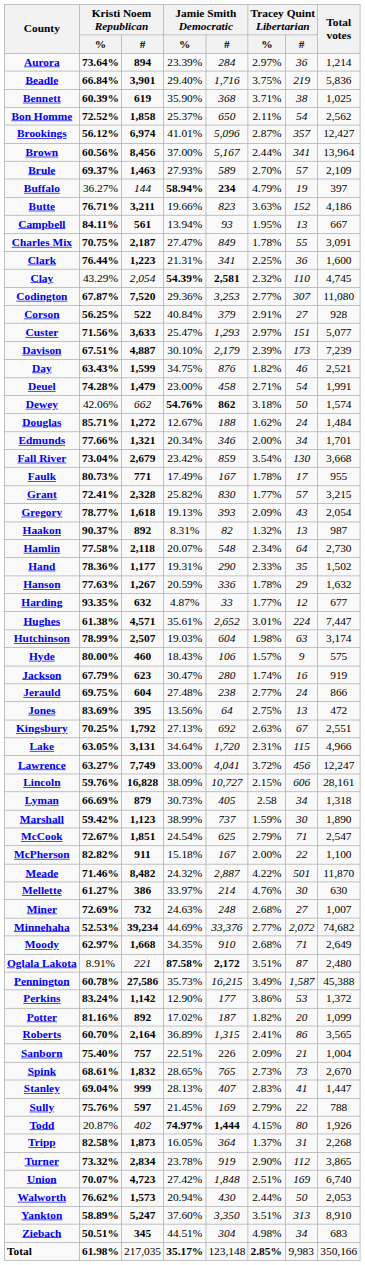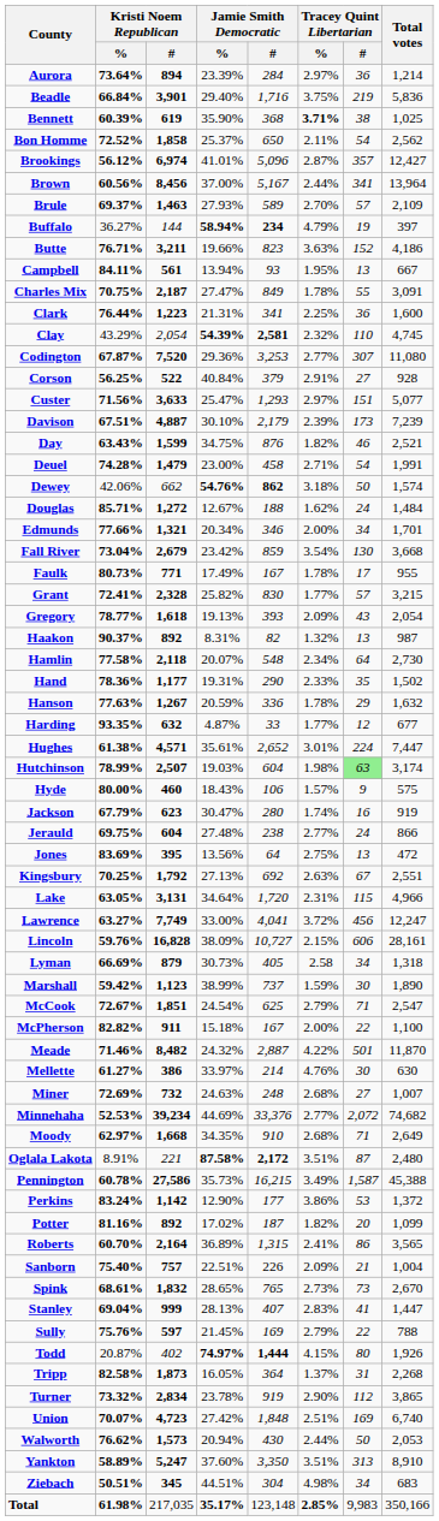 <table class="wikitable sortable">
 <tr>
 <th colspan="1" rowspan="2">County</th>
 <th colspan="2">Kristi Noem<br><em>Republican</em></th>
 <th colspan="2">Jamie Smith<br><em>Democratic</em></th>
 <th colspan="2">Tracey Quint<br><em>Libertarian</em></th>
 <th colspan="1" rowspan="2">Total<br>votes</th>
 </tr>
 <tr>
 <th colspan="1">%</th>
 <th colspan="1">#</th>
 <th colspan="1">%</th>
 <th colspan="1">#</th>
 <th colspan="1">%</th>
 <th colspan="1">#</th>
 </tr>
 <tr>
 <td align="center" ><strong><a href='#'>Aurora</a></strong></td>
 <td align="center"><strong>73.64%</strong></td>
 <td align="center"><strong>894</strong></td>
 <td align="center">23.39%</td>
 <td align="center"><em>284</em></td>
 <td align="center">2.97%</td>
 <td align="center"><em>36</em></td>
 <td align="center">1,214</td>
 </tr>
 <tr>
 <td align="center" ><strong><a href='#'>Beadle</a></strong></td>
 <td align="center"><strong>66.84%</strong></td>
 <td align="center"><strong>3,901</strong></td>
 <td align="center">29.40%</td>
 <td align="center"><em>1,716</em></td>
 <td align="center">3.75%</td>
 <td align="center"><em>219</em></td>
 <td align="center">5,836</td>
 </tr>
 <tr>
 <td align="center" ><strong><a href='#'>Bennett</a></strong></td>
 <td align="center"><strong>60.39%</strong></td>
 <td align="center"><strong>619</strong></td>
 <td align="center">35.90%</td>
 <td align="center"><em>368</em></td>
-<td align="center">3.71%</td>
+<td align="center"><strong>3.71%</strong></td>
 <td align="center"><em>38</em></td>
 <td align="center">1,025</td>
 </tr>
 <tr>
 <td align="center" ><strong><a href='#'>Bon Homme</a></strong></td>
 <td align="center"><strong>72.52%</strong></td>
 <td align="center"><strong>1,858</strong></td>
 <td align="center">25.37%</td>
 <td align="center"><em>650</em></td>
 <td align="center">2.11%</td>
 <td align="center"><em>54</em></td>
 <td align="center">2,562</td>
 </tr>
 <tr>
 <td align="center" ><strong><a href='#'>Brookings</a></strong></td>
 <td align="center"><strong>56.12%</strong></td>
 <td align="center"><strong>6,974</strong></td>
 <td align="center">41.01%</td>
 <td align="center"><em>5,096</em></td>
 <td align="center">2.87%</td>
 <td align="center"><em>357</em></td>
 <td align="center">12,427</td>
 </tr>
 <tr>
 <td align="center" ><strong><a href='#'>Brown</a></strong></td>
 <td align="center"><strong>60.56%</strong></td>
 <td align="center"><strong>8,456</strong></td>
 <td align="center">37.00%</td>
 <td align="center"><em>5,167</em></td>
 <td align="center">2.44%</td>
 <td align="center"><em>341</em></td>
 <td align="center">13,964</td>
 </tr>
 <tr>
 <td align="center" ><strong><a href='#'>Brule</a></strong></td>
 <td align="center"><strong>69.37%</strong></td>
 <td align="center"><strong>1,463</strong></td>
 <td align="center">27.93%</td>
 <td align="center"><em>589</em></td>
 <td align="center">2.70%</td>
 <td align="center"><em>57</em></td>
 <td align="center">2,109</td>
 </tr>
 <tr>
 <td align="center" ><strong><a href='#'>Buffalo</a></strong></td>
 <td align="center">36.27%</td>
 <td align="center"><em>144</em></td>
 <td align="center"><strong>58.94%</strong></td>
 <td align="center"><strong>234</strong></td>
 <td align="center">4.79%</td>
 <td align="center"><em>19</em></td>
 <td align="center">397</td>
 </tr>
 <tr>
 <td align="center" ><strong><a href='#'>Butte</a></strong></td>
 <td align="center"><strong>76.71%</strong></td>
 <td align="center"><strong>3,211</strong></td>
 <td align="center">19.66%</td>
 <td align="center"><em>823</em></td>
 <td align="center">3.63%</td>
 <td align="center"><em>152</em></td>
 <td align="center">4,186</td>
 </tr>
 <tr>
 <td align="center" ><strong><a href='#'>Campbell</a></strong></td>
 <td align="center"><strong>84.11%</strong></td>
 <td align="center"><strong>561</strong></td>
 <td align="center">13.94%</td>
 <td align="center"><em>93</em></td>
 <td align="center">1.95%</td>
 <td align="center"><em>13</em></td>
 <td align="center">667</td>
 </tr>
 <tr>
 <td align="center" ><strong><a href='#'>Charles Mix</a></strong></td>
 <td align="center"><strong>70.75%</strong></td>
 <td align="center"><strong>2,187</strong></td>
 <td align="center">27.47%</td>
 <td align="center"><em>849</em></td>
 <td align="center">1.78%</td>
 <td align="center"><em>55</em></td>
 <td align="center">3,091</td>
 </tr>
 <tr>
 <td align="center" ><strong><a href='#'>Clark</a></strong></td>
 <td align="center"><strong>76.44%</strong></td>
 <td align="center"><strong>1,223</strong></td>
 <td align="center">21.31%</td>
 <td align="center"><em>341</em></td>
 <td align="center">2.25%</td>
 <td align="center"><em>36</em></td>
 <td align="center">1,600</td>
 </tr>
 <tr>
 <td align="center" ><strong><a href='#'>Clay</a></strong></td>
 <td align="center">43.29%</td>
 <td align="center"><em>2,054</em></td>
 <td align="center"><strong>54.39%</strong></td>
 <td align="center"><strong>2,581</strong></td>
 <td align="center">2.32%</td>
 <td align="center"><em>110</em></td>
 <td align="center">4,745</td>
 </tr>
 <tr>
 <td align="center" ><strong><a href='#'>Codington</a></strong></td>
 <td align="center"><strong>67.87%</strong></td>
 <td align="center"><strong>7,520</strong></td>
 <td align="center">29.36%</td>
 <td align="center"><em>3,253</em></td>
 <td align="center">2.77%</td>
 <td align="center"><em>307</em></td>
 <td align="center">11,080</td>
 </tr>
 <tr>
 <td align="center" ><strong><a href='#'>Corson</a></strong></td>
 <td align="center"><strong>56.25%</strong></td>
 <td align="center"><strong>522</strong></td>
 <td align="center">40.84%</td>
 <td align="center"><em>379</em></td>
 <td align="center">2.91%</td>
 <td align="center"><em>27</em></td>
 <td align="center">928</td>
 </tr>
 <tr>
 <td align="center" ><strong><a href='#'>Custer</a></strong></td>
 <td align="center"><strong>71.56%</strong></td>
 <td align="center"><strong>3,633</strong></td>
 <td align="center">25.47%</td>
 <td align="center"><em>1,293</em></td>
 <td align="center">2.97%</td>
 <td align="center"><em>151</em></td>
 <td align="center">5,077</td>
 </tr>
 <tr>
 <td align="center" ><strong><a href='#'>Davison</a></strong></td>
 <td align="center"><strong>67.51%</strong></td>
 <td align="center"><strong>4,887</strong></td>
 <td align="center">30.10%</td>
 <td align="center"><em>2,179</em></td>
 <td align="center">2.39%</td>
 <td align="center"><em>173</em></td>
 <td align="center">7,239</td>
 </tr>
 <tr>
 <td align="center" ><strong><a href='#'>Day</a></strong></td>
 <td align="center"><strong>63.43%</strong></td>
 <td align="center"><strong>1,599</strong></td>
 <td align="center">34.75%</td>
 <td align="center"><em>876</em></td>
 <td align="center">1.82%</td>
 <td align="center"><em>46</em></td>
 <td align="center">2,521</td>
 </tr>
 <tr>
 <td align="center" ><strong><a href='#'>Deuel</a></strong></td>
 <td align="center"><strong>74.28%</strong></td>
 <td align="center"><strong>1,479</strong></td>
 <td align="center">23.00%</td>
 <td align="center"><em>458</em></td>
 <td align="center">2.71%</td>
 <td align="center"><em>54</em></td>
 <td align="center">1,991</td>
 </tr>
 <tr>
 <td align="center" ><strong><a href='#'>Dewey</a></strong></td>
 <td align="center">42.06%</td>
 <td align="center"><em>662</em></td>
 <td align="center"><strong>54.76%</strong></td>
 <td align="center"><strong>862</strong></td>
 <td align="center">3.18%</td>
 <td align="center"><em>50</em></td>
 <td align="center">1,574</td>
 </tr>
 <tr>
 <td align="center" ><strong><a href='#'>Douglas</a></strong></td>
 <td align="center"><strong>85.71%</strong></td>
 <td align="center"><strong>1,272</strong></td>
 <td align="center">12.67%</td>
 <td align="center"><em>188</em></td>
 <td align="center">1.62%</td>
 <td align="center"><em>24</em></td>
 <td align="center">1,484</td>
 </tr>
 <tr>
 <td align="center" ><strong><a href='#'>Edmunds</a></strong></td>
 <td align="center"><strong>77.66%</strong></td>
 <td align="center"><strong>1,321</strong></td>
 <td align="center">20.34%</td>
 <td align="center"><em>346</em></td>
 <td align="center">2.00%</td>
 <td align="center"><em>34</em></td>
 <td align="center">1,701</td>
 </tr>
 <tr>
 <td align="center" ><strong><a href='#'>Fall River</a></strong></td>
 <td align="center"><strong>73.04%</strong></td>
 <td align="center"><strong>2,679</strong></td>
 <td align="center">23.42%</td>
 <td align="center"><em>859</em></td>
 <td align="center">3.54%</td>
 <td align="center"><em>130</em></td>
 <td align="center">3,668</td>
 </tr>
 <tr>
 <td align="center" ><strong><a href='#'>Faulk</a></strong></td>
 <td align="center"><strong>80.73%</strong></td>
 <td align="center"><strong>771</strong></td>
 <td align="center">17.49%</td>
 <td align="center"><em>167</em></td>
 <td align="center">1.78%</td>
 <td align="center"><em>17</em></td>
 <td align="center">955</td>
 </tr>
 <tr>
 <td align="center" ><strong><a href='#'>Grant</a></strong></td>
 <td align="center"><strong>72.41%</strong></td>
 <td align="center"><strong>2,328</strong></td>
 <td align="center">25.82%</td>
 <td align="center"><em>830</em></td>
 <td align="center">1.77%</td>
 <td align="center"><em>57</em></td>
 <td align="center">3,215</td>
 </tr>
 <tr>
 <td align="center" ><strong><a href='#'>Gregory</a></strong></td>
 <td align="center"><strong>78.77%</strong></td>
 <td align="center"><strong>1,618</strong></td>
 <td align="center">19.13%</td>
 <td align="center"><em>393</em></td>
 <td align="center">2.09%</td>
 <td align="center"><em>43</em></td>
 <td align="center">2,054</td>
 </tr>
 <tr>
 <td align="center" ><strong><a href='#'>Haakon</a></strong></td>
 <td align="center"><strong>90.37%</strong></td>
 <td align="center"><strong>892</strong></td>
 <td align="center">8.31%</td>
 <td align="center"><em>82</em></td>
 <td align="center">1.32%</td>
 <td align="center"><em>13</em></td>
 <td align="center">987</td>
 </tr>
 <tr>
 <td align="center" ><strong><a href='#'>Hamlin</a></strong></td>
 <td align="center"><strong>77.58%</strong></td>
 <td align="center"><strong>2,118</strong></td>
 <td align="center">20.07%</td>
 <td align="center"><em>548</em></td>
 <td align="center">2.34%</td>
 <td align="center"><em>64</em></td>
 <td align="center">2,730</td>
 </tr>
 <tr>
 <td align="center" ><strong><a href='#'>Hand</a></strong></td>
 <td align="center"><strong>78.36%</strong></td>
 <td align="center"><strong>1,177</strong></td>
 <td align="center">19.31%</td>
 <td align="center"><em>290</em></td>
 <td align="center">2.33%</td>
 <td align="center"><em>35</em></td>
 <td align="center">1,502</td>
 </tr>
 <tr>
 <td align="center" ><strong><a href='#'>Hanson</a></strong></td>
 <td align="center"><strong>77.63%</strong></td>
 <td align="center"><strong>1,267</strong></td>
 <td align="center">20.59%</td>
 <td align="center"><em>336</em></td>
 <td align="center">1.78%</td>
 <td align="center"><em>29</em></td>
 <td align="center">1,632</td>
 </tr>
 <tr>
 <td align="center" ><strong><a href='#'>Harding</a></strong></td>
 <td align="center"><strong>93.35%</strong></td>
 <td align="center"><strong>632</strong></td>
 <td align="center">4.87%</td>
 <td align="center"><em>33</em></td>
 <td align="center">1.77%</td>
 <td align="center"><em>12</em></td>
 <td align="center">677</td>
 </tr>
 <tr>
 <td align="center" ><strong><a href='#'>Hughes</a></strong></td>
 <td align="center"><strong>61.38%</strong></td>
 <td align="center"><strong>4,571</strong></td>
 <td align="center">35.61%</td>
 <td align="center"><em>2,652</em></td>
 <td align="center">3.01%</td>
 <td align="center"><em>224</em></td>
 <td align="center">7,447</td>
 </tr>
 <tr>
 <td align="center" ><strong><a href='#'>Hutchinson</a></strong></td>
 <td align="center"><strong>78.99%</strong></td>
 <td align="center"><strong>2,507</strong></td>
 <td align="center">19.03%</td>
 <td align="center"><em>604</em></td>
 <td align="center">1.98%</td>
-<td align="center"><em>63</em></td>
+<td align="center" style="background: lightgreen;"><em>63</em></td>
 <td align="center">3,174</td>
 </tr>
 <tr>
 <td align="center" ><strong><a href='#'>Hyde</a></strong></td>
 <td align="center"><strong>80.00%</strong></td>
 <td align="center"><strong>460</strong></td>
 <td align="center">18.43%</td>
 <td align="center"><em>106</em></td>
 <td align="center">1.57%</td>
 <td align="center"><em>9</em></td>
 <td align="center">575</td>
 </tr>
 <tr>
 <td align="center" ><strong><a href='#'>Jackson</a></strong></td>
 <td align="center"><strong>67.79%</strong></td>
 <td align="center"><strong>623</strong></td>
 <td align="center">30.47%</td>
 <td align="center"><em>280</em></td>
 <td align="center">1.74%</td>
 <td align="center"><em>16</em></td>
 <td align="center">919</td>
 </tr>
 <tr>
 <td align="center" ><strong><a href='#'>Jerauld</a></strong></td>
 <td align="center"><strong>69.75%</strong></td>
 <td align="center"><strong>604</strong></td>
 <td align="center">27.48%</td>
 <td align="center"><em>238</em></td>
 <td align="center">2.77%</td>
 <td align="center"><em>24</em></td>
 <td align="center">866</td>
 </tr>
 <tr>
 <td align="center" ><strong><a href='#'>Jones</a></strong></td>
 <td align="center"><strong>83.69%</strong></td>
 <td align="center"><strong>395</strong></td>
 <td align="center">13.56%</td>
 <td align="center"><em>64</em></td>
 <td align="center">2.75%</td>
 <td align="center"><em>13</em></td>
 <td align="center">472</td>
 </tr>
 <tr>
 <td align="center" ><strong><a href='#'>Kingsbury</a></strong></td>
 <td align="center"><strong>70.25%</strong></td>
 <td align="center"><strong>1,792</strong></td>
 <td align="center">27.13%</td>
 <td align="center"><em>692</em></td>
 <td align="center">2.63%</td>
 <td align="center"><em>67</em></td>
 <td align="center">2,551</td>
 </tr>
 <tr>
 <td align="center" ><strong><a href='#'>Lake</a></strong></td>
 <td align="center"><strong>63.05%</strong></td>
 <td align="center"><strong>3,131</strong></td>
 <td align="center">34.64%</td>
 <td align="center"><em>1,720</em></td>
 <td align="center">2.31%</td>
 <td align="center"><em>115</em></td>
 <td align="center">4,966</td>
 </tr>
 <tr>
 <td align="center" ><strong><a href='#'>Lawrence</a></strong></td>
 <td align="center"><strong>63.27%</strong></td>
 <td align="center"><strong>7,749</strong></td>
 <td align="center">33.00%</td>
 <td align="center"><em>4,041</em></td>
 <td align="center">3.72%</td>
 <td align="center"><em>456</em></td>
 <td align="center">12,247</td>
 </tr>
 <tr>
 <td align="center" ><strong><a href='#'>Lincoln</a></strong></td>
 <td align="center"><strong>59.76%</strong></td>
 <td align="center"><strong>16,828</strong></td>
 <td align="center">38.09%</td>
 <td align="center"><em>10,727</em></td>
 <td align="center">2.15%</td>
 <td align="center"><em>606</em></td>
 <td align="center">28,161</td>
 </tr>
 <tr>
 <td align="center" ><strong><a href='#'>Lyman</a></strong></td>
 <td align="center"><strong>66.69%</strong></td>
 <td align="center"><strong>879</strong></td>
 <td align="center">30.73%</td>
 <td align="center"><em>405</em></td>
 <td align="center">2.58</td>
 <td align="center"><em>34</em></td>
 <td align="center">1,318</td>
 </tr>
 <tr>
 <td align="center" ><strong><a href='#'>Marshall</a></strong></td>
 <td align="center"><strong>59.42%</strong></td>
 <td align="center"><strong>1,123</strong></td>
 <td align="center">38.99%</td>
 <td align="center"><em>737</em></td>
 <td align="center">1.59%</td>
 <td align="center"><em>30</em></td>
 <td align="center">1,890</td>
 </tr>
 <tr>
 <td align="center" ><strong><a href='#'>McCook</a></strong></td>
 <td align="center"><strong>72.67%</strong></td>
 <td align="center"><strong>1,851</strong></td>
 <td align="center">24.54%</td>
 <td align="center"><em>625</em></td>
 <td align="center">2.79%</td>
 <td align="center"><em>71</em></td>
 <td align="center">2,547</td>
 </tr>
 <tr>
 <td align="center" ><strong><a href='#'>McPherson</a></strong></td>
 <td align="center"><strong>82.82%</strong></td>
 <td align="center"><strong>911</strong></td>
 <td align="center">15.18%</td>
 <td align="center"><em>167</em></td>
 <td align="center">2.00%</td>
 <td align="center"><em>22</em></td>
 <td align="center">1,100</td>
 </tr>
 <tr>
 <td align="center" ><strong><a href='#'>Meade</a></strong></td>
 <td align="center"><strong>71.46%</strong></td>
 <td align="center"><strong>8,482</strong></td>
 <td align="center">24.32%</td>
 <td align="center"><em>2,887</em></td>
 <td align="center">4.22%</td>
 <td align="center"><em>501</em></td>
 <td align="center">11,870</td>
 </tr>
 <tr>
 <td align="center" ><strong><a href='#'>Mellette</a></strong></td>
 <td align="center"><strong>61.27%</strong></td>
 <td align="center"><strong>386</strong></td>
 <td align="center">33.97%</td>
 <td align="center"><em>214</em></td>
 <td align="center">4.76%</td>
 <td align="center"><em>30</em></td>
 <td align="center">630</td>
 </tr>
 <tr>
 <td align="center" ><strong><a href='#'>Miner</a></strong></td>
 <td align="center"><strong>72.69%</strong></td>
 <td align="center"><strong>732</strong></td>
 <td align="center">24.63%</td>
 <td align="center"><em>248</em></td>
 <td align="center">2.68%</td>
 <td align="center"><em>27</em></td>
 <td align="center">1,007</td>
 </tr>
 <tr>
 <td align="center" ><strong><a href='#'>Minnehaha</a></strong></td>
 <td align="center"><strong>52.53%</strong></td>
 <td align="center"><strong>39,234</strong></td>
 <td align="center">44.69%</td>
 <td align="center"><em>33,376</em></td>
 <td align="center">2.77%</td>
 <td align="center"><em>2,072</em></td>
 <td align="center">74,682</td>
 </tr>
 <tr>
 <td align="center" ><strong><a href='#'>Moody</a></strong></td>
 <td align="center"><strong>62.97%</strong></td>
 <td align="center"><strong>1,668</strong></td>
 <td align="center">34.35%</td>
 <td align="center"><em>910</em></td>
 <td align="center">2.68%</td>
 <td align="center"><em>71</em></td>
 <td align="center">2,649</td>
 </tr>
 <tr>
 <td align="center" ><strong><a href='#'>Oglala Lakota</a></strong></td>
 <td align="center">8.91%</td>
 <td align="center"><em>221</em></td>
 <td align="center"><strong>87.58%</strong></td>
 <td align="center"><strong>2,172</strong></td>
 <td align="center">3.51%</td>
 <td align="center"><em>87</em></td>
 <td align="center">2,480</td>
 </tr>
 <tr>
 <td align="center" ><strong><a href='#'>Pennington</a></strong></td>
 <td align="center"><strong>60.78%</strong></td>
 <td align="center"><strong>27,586</strong></td>
 <td align="center">35.73%</td>
 <td align="center"><em>16,215</em></td>
 <td align="center">3.49%</td>
 <td align="center"><em>1,587</em></td>
 <td align="center">45,388</td>
 </tr>
 <tr>
 <td align="center" ><strong><a href='#'>Perkins</a></strong></td>
 <td align="center"><strong>83.24%</strong></td>
 <td align="center"><strong>1,142</strong></td>
 <td align="center">12.90%</td>
 <td align="center"><em>177</em></td>
 <td align="center">3.86%</td>
 <td align="center"><em>53</em></td>
 <td align="center">1,372</td>
 </tr>
 <tr>
 <td align="center" ><strong><a href='#'>Potter</a></strong></td>
 <td align="center"><strong>81.16%</strong></td>
 <td align="center"><strong>892</strong></td>
 <td align="center">17.02%</td>
 <td align="center"><em>187</em></td>
 <td align="center">1.82%</td>
 <td align="center"><em>20</em></td>
 <td align="center">1,099</td>
 </tr>
 <tr>
 <td align="center" ><strong><a href='#'>Roberts</a></strong></td>
 <td align="center"><strong>60.70%</strong></td>
 <td align="center"><strong>2,164</strong></td>
 <td align="center">36.89%</td>
 <td align="center"><em>1,315</em></td>
 <td align="center">2.41%</td>
 <td align="center"><em>86</em></td>
 <td align="center">3,565</td>
 </tr>
 <tr>
 <td align="center" ><strong><a href='#'>Sanborn</a></strong></td>
 <td align="center"><strong>75.40%</strong></td>
 <td align="center"><strong>757</strong></td>
 <td align="center">22.51%</td>
 <td align="center">226</td>
 <td align="center">2.09%</td>
 <td align="center"><em>21</em></td>
 <td align="center">1,004</td>
 </tr>
 <tr>
 <td align="center" ><strong><a href='#'>Spink</a></strong></td>
 <td align="center"><strong>68.61%</strong></td>
 <td align="center"><strong>1,832</strong></td>
 <td align="center">28.65%</td>
 <td align="center"><em>765</em></td>
 <td align="center">2.73%</td>
 <td align="center"><em>73</em></td>
 <td align="center">2,670</td>
 </tr>
 <tr>
 <td align="center" ><strong><a href='#'>Stanley</a></strong></td>
 <td align="center"><strong>69.04%</strong></td>
 <td align="center"><strong>999</strong></td>
 <td align="center">28.13%</td>
 <td align="center"><em>407</em></td>
 <td align="center">2.83%</td>
 <td align="center"><em>41</em></td>
 <td align="center">1,447</td>
 </tr>
 <tr>
 <td align="center" ><strong><a href='#'>Sully</a></strong></td>
 <td align="center"><strong>75.76%</strong></td>
 <td align="center"><strong>597</strong></td>
 <td align="center">21.45%</td>
 <td align="center"><em>169</em></td>
 <td align="center">2.79%</td>
 <td align="center"><em>22</em></td>
 <td align="center">788</td>
 </tr>
 <tr>
 <td align="center" ><strong><a href='#'>Todd</a></strong></td>
 <td align="center">20.87%</td>
 <td align="center"><em>402</em></td>
 <td align="center"><strong>74.97%</strong></td>
 <td align="center"><strong>1,444</strong></td>
 <td align="center">4.15%</td>
 <td align="center"><em>80</em></td>
 <td align="center">1,926</td>
 </tr>
 <tr>
 <td align="center" ><strong><a href='#'>Tripp</a></strong></td>
 <td align="center"><strong>82.58%</strong></td>
 <td align="center"><strong>1,873</strong></td>
 <td align="center">16.05%</td>
 <td align="center"><em>364</em></td>
 <td align="center">1.37%</td>
 <td align="center"><em>31</em></td>
 <td align="center">2,268</td>
 </tr>
 <tr>
 <td align="center" ><strong><a href='#'>Turner</a></strong></td>
 <td align="center"><strong>73.32%</strong></td>
 <td align="center"><strong>2,834</strong></td>
 <td align="center">23.78%</td>
 <td align="center"><em>919</em></td>
 <td align="center">2.90%</td>
 <td align="center"><em>112</em></td>
 <td align="center">3,865</td>
 </tr>
 <tr>
 <td align="center" ><strong><a href='#'>Union</a></strong></td>
 <td align="center"><strong>70.07%</strong></td>
 <td align="center"><strong>4,723</strong></td>
 <td align="center">27.42%</td>
 <td align="center"><em>1,848</em></td>
 <td align="center">2.51%</td>
 <td align="center"><em>169</em></td>
 <td align="center">6,740</td>
 </tr>
 <tr>
 <td align="center" ><strong><a href='#'>Walworth</a></strong></td>
 <td align="center"><strong>76.62%</strong></td>
 <td align="center"><strong>1,573</strong></td>
 <td align="center">20.94%</td>
 <td align="center"><em>430</em></td>
 <td align="center">2.44%</td>
 <td align="center"><em>50</em></td>
 <td align="center">2,053</td>
 </tr>
 <tr>
 <td align="center" ><strong><a href='#'>Yankton</a></strong></td>
 <td align="center"><strong>58.89%</strong></td>
 <td align="center"><strong>5,247</strong></td>
 <td align="center">37.60%</td>
 <td align="center"><em>3,350</em></td>
 <td align="center">3.51%</td>
 <td align="center"><em>313</em></td>
 <td align="center">8,910</td>
 </tr>
 <tr>
 <td align="center" ><strong><a href='#'>Ziebach</a></strong></td>
 <td align="center"><strong>50.51%</strong></td>
 <td align="center"><strong>345</strong></td>
 <td align="center">44.51%</td>
 <td align="center"><em>304</em></td>
 <td align="center">4.98%</td>
 <td align="center"><em>34</em></td>
 <td align="center">683</td>
 </tr>
 <tr>
 <td><strong>Total</strong></td>
 <td><strong>61.98%</strong></td>
 <td>217,035</td>
 <td><strong>35.17%</strong></td>
 <td>123,148</td>
 <td><strong>2.85%</strong></td>
 <td>9,983</td>
 <td>350,166</td>
 </tr>
 </table>
